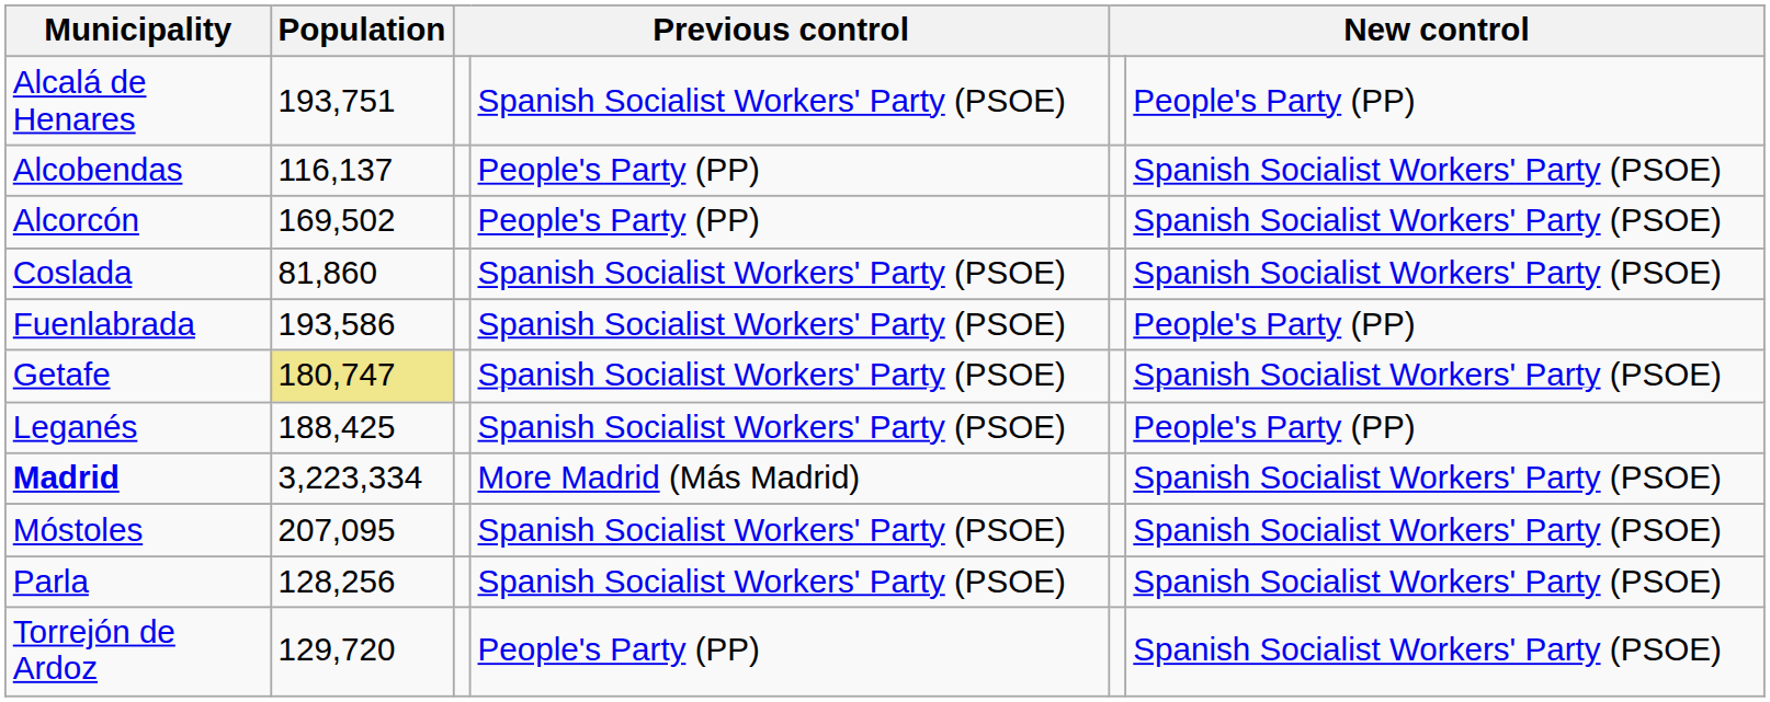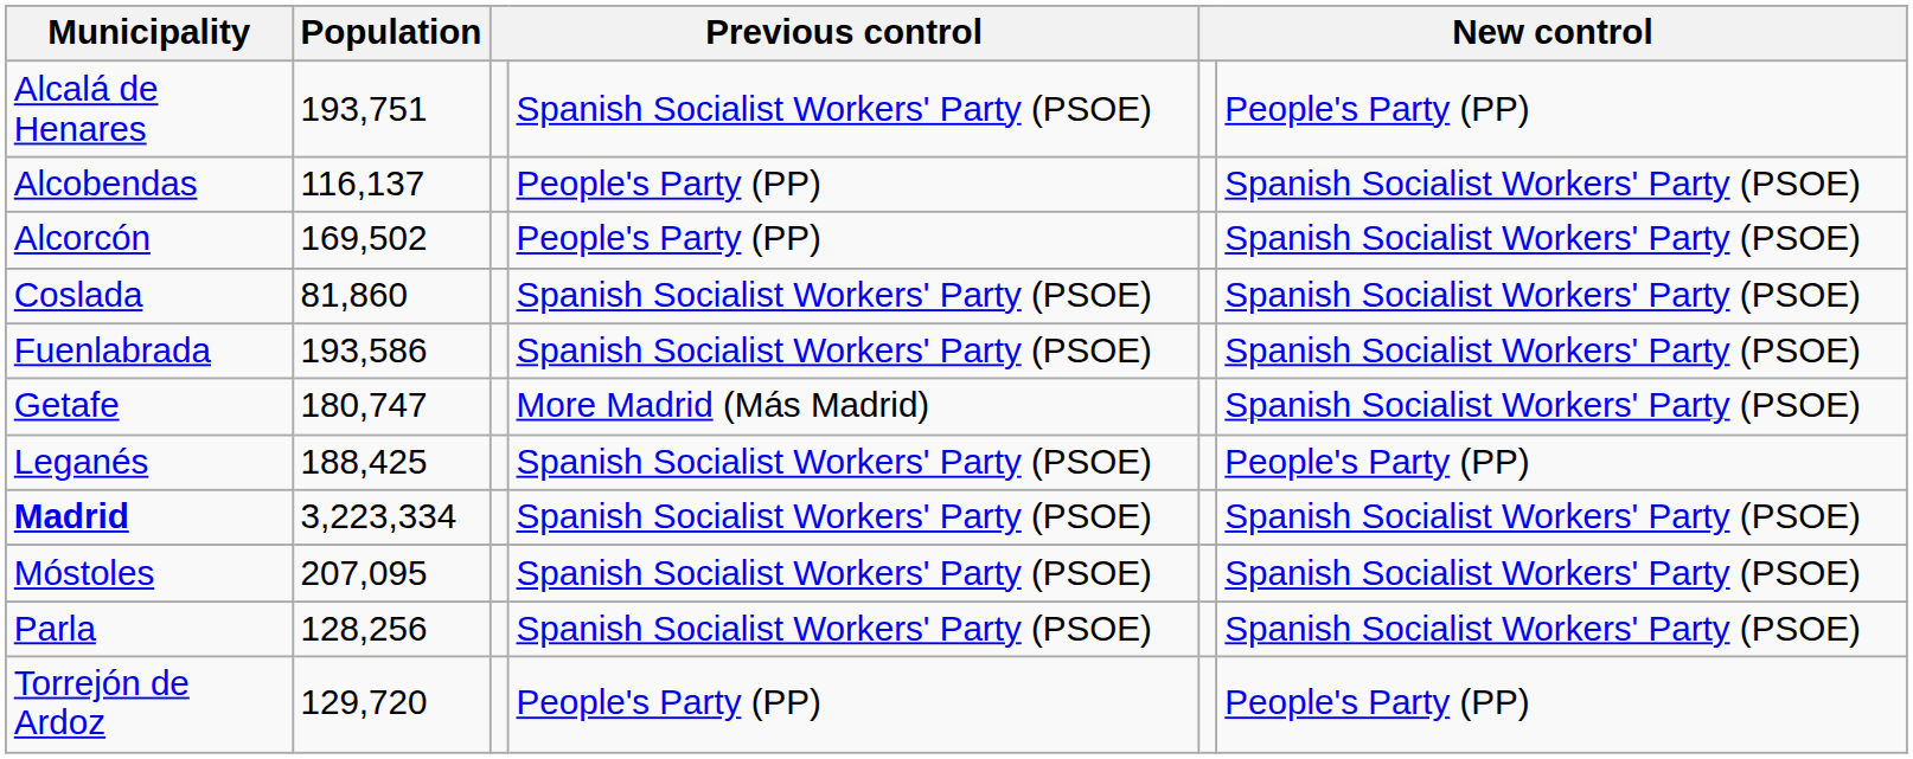 <table class="wikitable sortable">
 <tr>
 <th>Municipality</th>
 <th>Population</th>
 <th colspan="2" style="width:375px;">Previous control</th>
 <th colspan="2" style="width:375px;">New control</th>
 </tr>
 <tr>
 <td><a href='#'>Alcalá de Henares</a></td>
 <td>193,751</td>
 <td width="1" style="color:inherit;background:"></td>
 <td><a href='#'>Spanish Socialist Workers' Party</a> (PSOE)</td>
 <td width="1" style="color:inherit;background:"></td>
 <td><a href='#'>People's Party</a> (PP)</td>
 </tr>
 <tr>
 <td><a href='#'>Alcobendas</a></td>
 <td>116,137</td>
 <td style="color:inherit;background:"></td>
 <td><a href='#'>People's Party</a> (PP)</td>
 <td style="color:inherit;background:"></td>
 <td><a href='#'>Spanish Socialist Workers' Party</a> (PSOE)</td>
 </tr>
 <tr>
 <td><a href='#'>Alcorcón</a></td>
 <td>169,502</td>
 <td style="color:inherit;background:"></td>
 <td><a href='#'>People's Party</a> (PP)</td>
 <td style="color:inherit;background:"></td>
 <td><a href='#'>Spanish Socialist Workers' Party</a> (PSOE)</td>
 </tr>
 <tr>
 <td><a href='#'>Coslada</a></td>
 <td>81,860</td>
 <td style="color:inherit;background:"></td>
 <td><a href='#'>Spanish Socialist Workers' Party</a> (PSOE)</td>
 <td style="color:inherit;background:"></td>
 <td><a href='#'>Spanish Socialist Workers' Party</a> (PSOE)</td>
 </tr>
 <tr>
 <td><a href='#'>Fuenlabrada</a></td>
 <td>193,586</td>
 <td style="color:inherit;background:"></td>
 <td><a href='#'>Spanish Socialist Workers' Party</a> (PSOE)</td>
 <td style="color:inherit;background:"></td>
-<td><a href='#'>People's Party</a> (PP)</td>
+<td><a href='#'>Spanish Socialist Workers' Party</a> (PSOE)</td>
 </tr>
 <tr>
 <td><a href='#'>Getafe</a></td>
-<td style="background: khaki;">180,747</td>
+<td>180,747</td>
 <td style="color:inherit;background:"></td>
-<td><a href='#'>Spanish Socialist Workers' Party</a> (PSOE)</td>
+<td><a href='#'>More Madrid</a> (Más Madrid)</td>
 <td style="color:inherit;background:"></td>
 <td><a href='#'>Spanish Socialist Workers' Party</a> (PSOE)</td>
 </tr>
 <tr>
 <td><a href='#'>Leganés</a></td>
 <td>188,425</td>
 <td style="color:inherit;background:"></td>
 <td><a href='#'>Spanish Socialist Workers' Party</a> (PSOE)</td>
 <td style="color:inherit;background:"></td>
 <td><a href='#'>People's Party</a> (PP)</td>
 </tr>
 <tr>
 <td><strong><a href='#'>Madrid</a></strong></td>
 <td>3,223,334</td>
 <td style="color:inherit;background:"></td>
-<td><a href='#'>More Madrid</a> (Más Madrid)</td>
+<td><a href='#'>Spanish Socialist Workers' Party</a> (PSOE)</td>
 <td style="color:inherit;background:"></td>
 <td><a href='#'>Spanish Socialist Workers' Party</a> (PSOE)</td>
 </tr>
 <tr>
 <td><a href='#'>Móstoles</a></td>
 <td>207,095</td>
 <td style="color:inherit;background:"></td>
 <td><a href='#'>Spanish Socialist Workers' Party</a> (PSOE)</td>
 <td style="color:inherit;background:"></td>
 <td><a href='#'>Spanish Socialist Workers' Party</a> (PSOE)</td>
 </tr>
 <tr>
 <td><a href='#'>Parla</a></td>
 <td>128,256</td>
 <td style="color:inherit;background:"></td>
 <td><a href='#'>Spanish Socialist Workers' Party</a> (PSOE)</td>
 <td style="color:inherit;background:"></td>
 <td><a href='#'>Spanish Socialist Workers' Party</a> (PSOE)</td>
 </tr>
 <tr>
 <td><a href='#'>Torrejón de Ardoz</a></td>
 <td>129,720</td>
 <td style="color:inherit;background:"></td>
 <td><a href='#'>People's Party</a> (PP)</td>
 <td style="color:inherit;background:"></td>
-<td><a href='#'>Spanish Socialist Workers' Party</a> (PSOE)</td>
+<td><a href='#'>People's Party</a> (PP)</td>
 </tr>
 </table>
